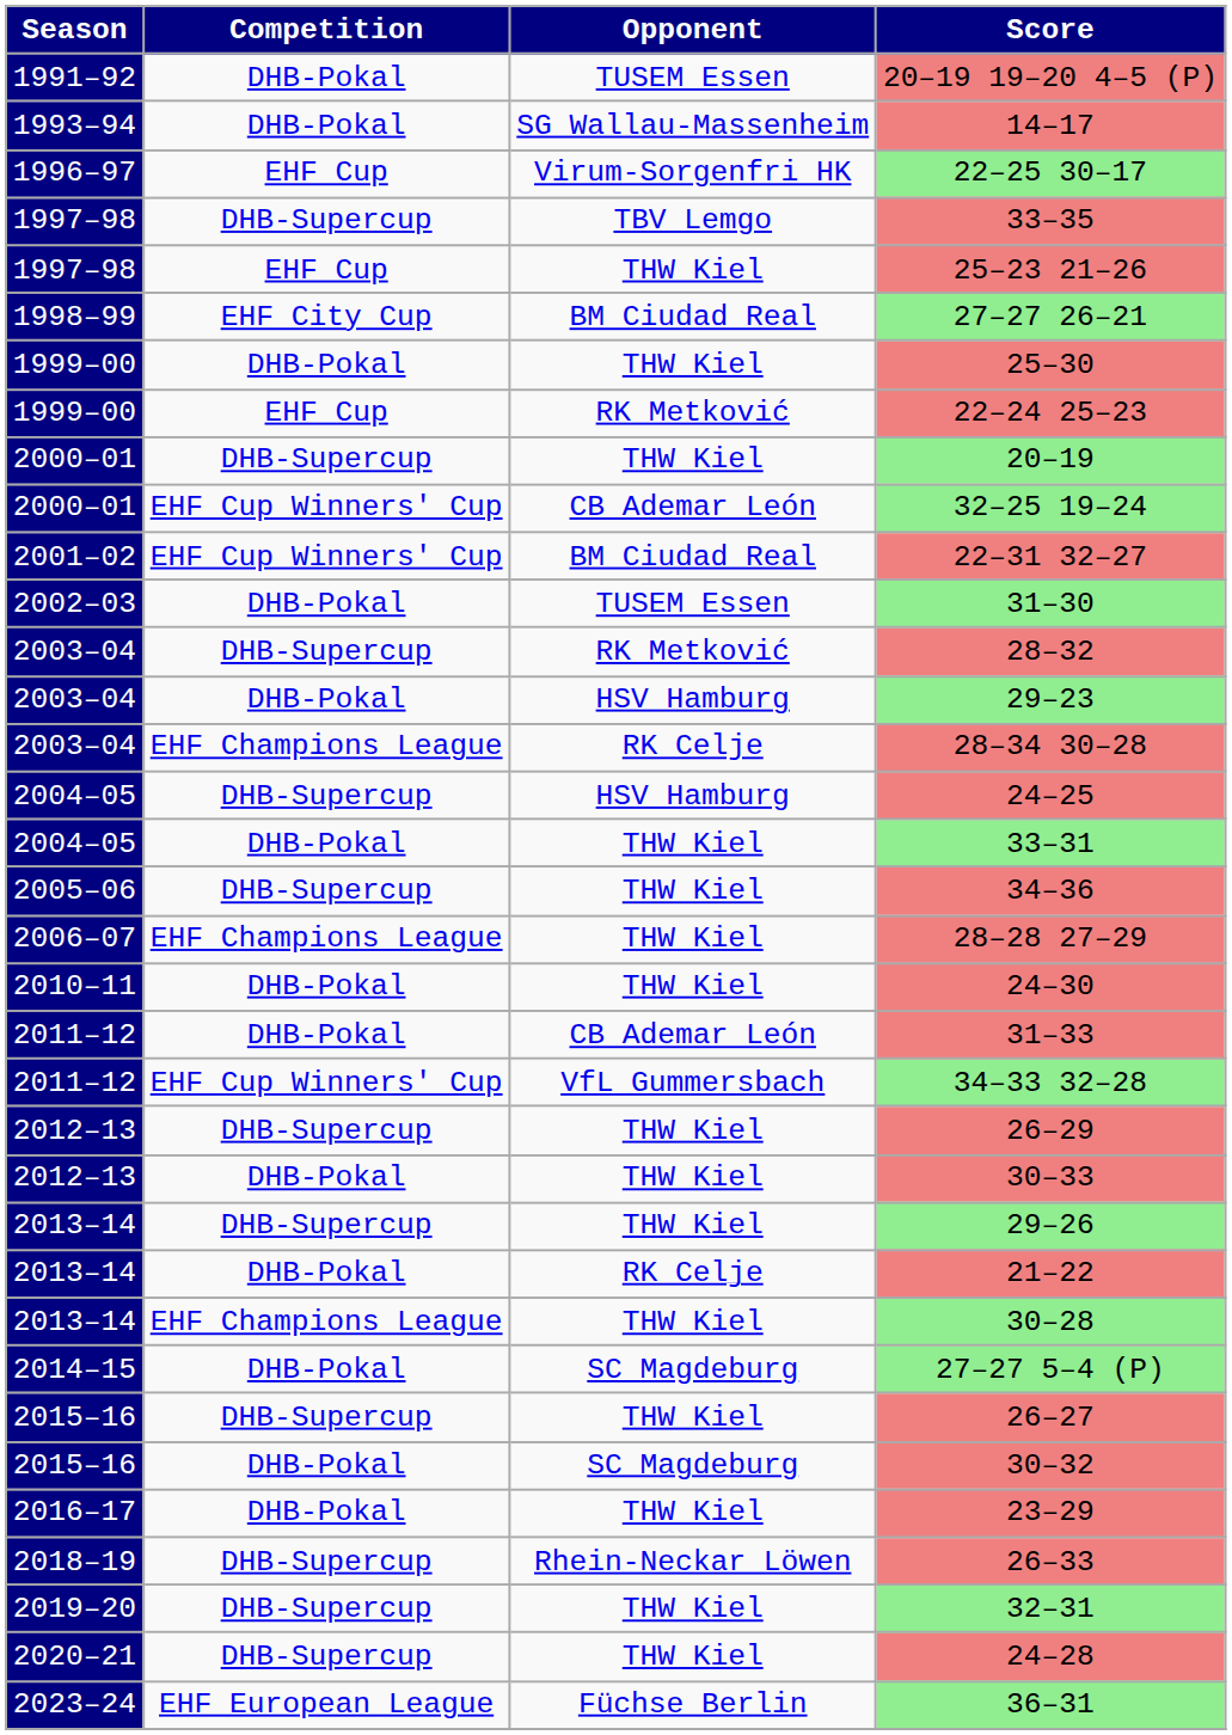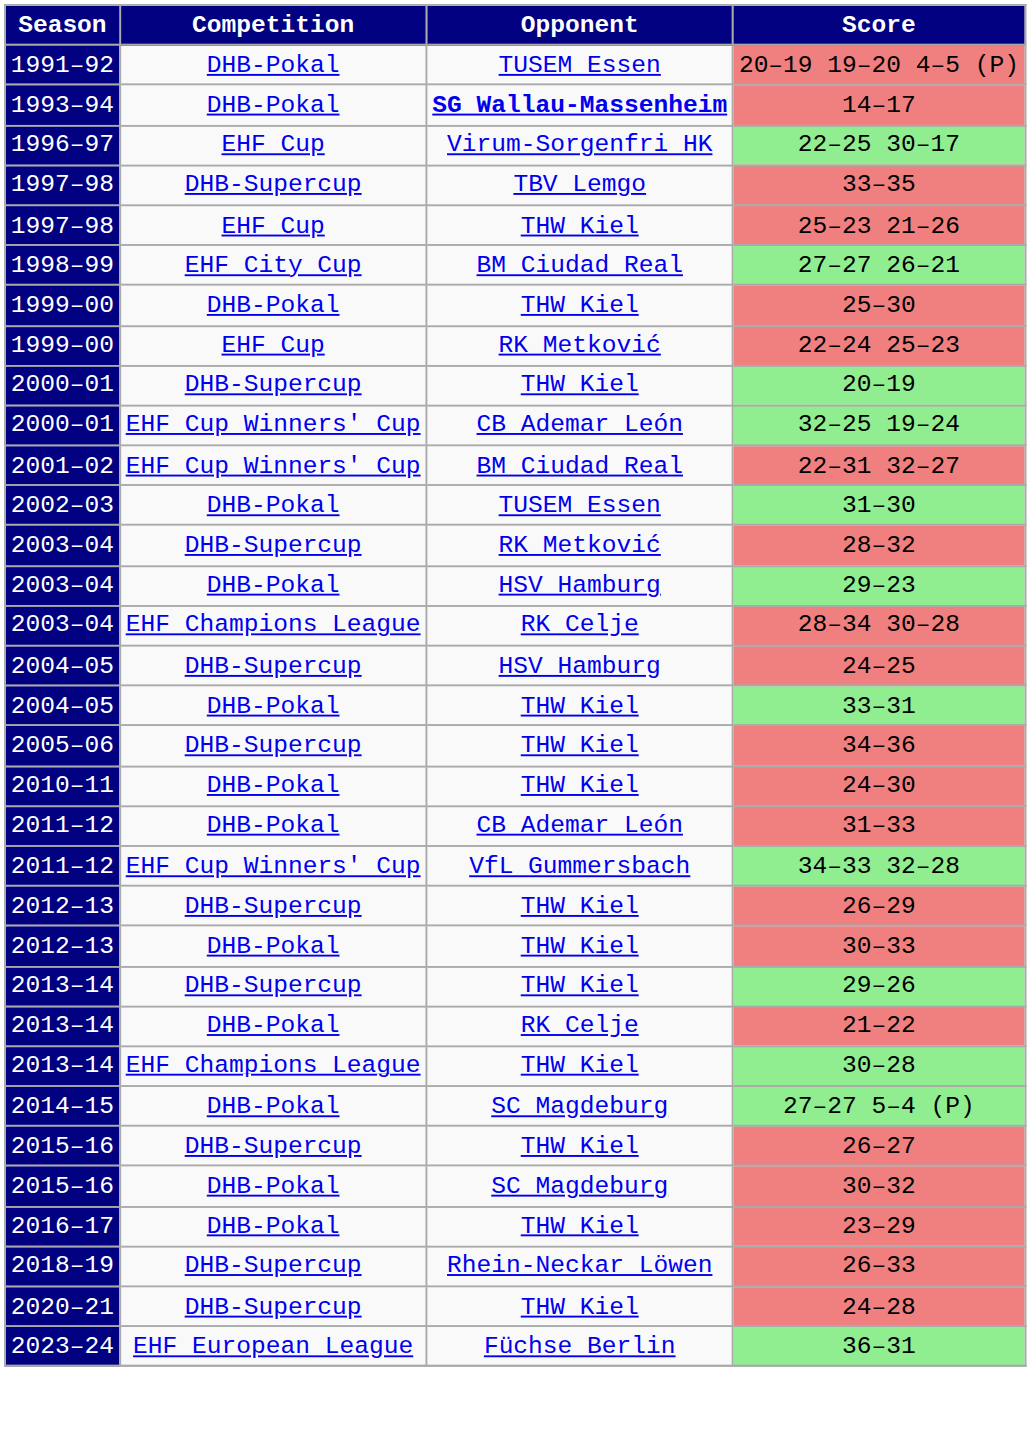 <table class="wikitable">
 <tr>
 <th style="color:#FFFFFF; background:#000080">Season</th>
 <th style="color:#FFFFFF; background:#000080">Competition</th>
 <th style="color:#FFFFFF; background:#000080">Opponent</th>
 <th style="color:#FFFFFF; background:#000080">Score</th>
 </tr>
 <tr>
 <td style="color:#FFFFFF; background:#000080">1991–92</td>
 <td align="center"><a href='#'>DHB-Pokal</a></td>
 <td align="center"> <a href='#'>TUSEM Essen</a></td>
 <td style="text-align:center; background:lightcoral;">20–19 19–20 4–5 (P)</td>
 </tr>
 <tr>
 <td style="color:#FFFFFF; background:#000080">1993–94</td>
 <td align="center"><a href='#'>DHB-Pokal</a></td>
-<td align="center"> <a href='#'>SG Wallau-Massenheim</a></td>
+<td align="center"><strong> <a href='#'>SG Wallau-Massenheim</a></strong></td>
 <td style="text-align:center; background:lightcoral;">14–17</td>
 </tr>
 <tr>
 <td style="color:#FFFFFF; background:#000080">1996–97</td>
 <td align="center"><a href='#'>EHF Cup</a></td>
 <td align="center"> <a href='#'>Virum-Sorgenfri HK</a></td>
 <td style="text-align:center; background:lightgreen;">22–25 30–17</td>
 </tr>
 <tr>
 <td style="color:#FFFFFF; background:#000080">1997–98</td>
 <td align="center"><a href='#'>DHB-Supercup</a></td>
 <td align="center"> <a href='#'>TBV Lemgo</a></td>
 <td style="text-align:center; background:lightcoral;">33–35</td>
 </tr>
 <tr>
 <td style="color:#FFFFFF; background:#000080">1997–98</td>
 <td align="center"><a href='#'>EHF Cup</a></td>
 <td align="center"> <a href='#'>THW Kiel</a></td>
 <td style="text-align:center; background:lightcoral;">25–23 21–26</td>
 </tr>
 <tr>
 <td style="color:#FFFFFF; background:#000080">1998–99</td>
 <td align="center"><a href='#'>EHF City Cup</a></td>
 <td align="center"> <a href='#'>BM Ciudad Real</a></td>
 <td style="text-align:center; background:lightgreen;">27–27 26–21</td>
 </tr>
 <tr>
 <td style="color:#FFFFFF; background:#000080">1999–00</td>
 <td align="center"><a href='#'>DHB-Pokal</a></td>
 <td align="center"> <a href='#'>THW Kiel</a></td>
 <td style="text-align:center; background:lightcoral;">25–30</td>
 </tr>
 <tr>
 <td style="color:#FFFFFF; background:#000080">1999–00</td>
 <td align="center"><a href='#'>EHF Cup</a></td>
 <td align="center"> <a href='#'>RK Metković</a></td>
 <td style="text-align:center; background:lightcoral;">22–24 25–23</td>
 </tr>
 <tr>
 <td style="color:#FFFFFF; background:#000080">2000–01</td>
 <td align="center"><a href='#'>DHB-Supercup</a></td>
 <td align="center"> <a href='#'>THW Kiel</a></td>
 <td style="text-align:center; background:lightgreen;">20–19</td>
 </tr>
 <tr>
 <td style="color:#FFFFFF; background:#000080">2000–01</td>
 <td align="center"><a href='#'>EHF Cup Winners' Cup</a></td>
 <td align="center"> <a href='#'>CB Ademar León</a></td>
 <td style="text-align:center; background:lightgreen;">32–25 19–24</td>
 </tr>
 <tr>
 <td style="color:#FFFFFF; background:#000080">2001–02</td>
 <td align="center"><a href='#'>EHF Cup Winners' Cup</a></td>
 <td align="center"> <a href='#'>BM Ciudad Real</a></td>
 <td style="text-align:center; background:lightcoral;">22–31 32–27</td>
 </tr>
 <tr>
 <td style="color:#FFFFFF; background:#000080">2002–03</td>
 <td align="center"><a href='#'>DHB-Pokal</a></td>
 <td align="center"> <a href='#'>TUSEM Essen</a></td>
 <td style="text-align:center; background:lightgreen;">31–30</td>
 </tr>
 <tr>
 <td style="color:#FFFFFF; background:#000080">2003–04</td>
 <td align="center"><a href='#'>DHB-Supercup</a></td>
 <td align="center"> <a href='#'>RK Metković</a></td>
 <td style="text-align:center; background:lightcoral;">28–32</td>
 </tr>
 <tr>
 <td style="color:#FFFFFF; background:#000080">2003–04</td>
 <td align="center"><a href='#'>DHB-Pokal</a></td>
 <td align="center"> <a href='#'>HSV Hamburg</a></td>
 <td style="text-align:center; background:lightgreen;">29–23</td>
 </tr>
 <tr>
 <td style="color:#FFFFFF; background:#000080">2003–04</td>
 <td align="center"><a href='#'>EHF Champions League</a></td>
 <td align="center"> <a href='#'>RK Celje</a></td>
 <td style="text-align:center; background:lightcoral;">28–34 30–28</td>
 </tr>
 <tr>
 <td style="color:#FFFFFF; background:#000080">2004–05</td>
 <td align="center"><a href='#'>DHB-Supercup</a></td>
 <td align="center"> <a href='#'>HSV Hamburg</a></td>
 <td style="text-align:center; background:lightcoral;">24–25</td>
 </tr>
 <tr>
 <td style="color:#FFFFFF; background:#000080">2004–05</td>
 <td align="center"><a href='#'>DHB-Pokal</a></td>
 <td align="center"> <a href='#'>THW Kiel</a></td>
 <td style="text-align:center; background:lightgreen;">33–31</td>
 </tr>
 <tr>
 <td style="color:#FFFFFF; background:#000080">2005–06</td>
 <td align="center"><a href='#'>DHB-Supercup</a></td>
 <td align="center"> <a href='#'>THW Kiel</a></td>
 <td style="text-align:center; background:lightcoral;">34–36</td>
 </tr>
 <tr>
-<td style="color:#FFFFFF; background:#000080">2006–07</td>
-<td align="center"><a href='#'>EHF Champions League</a></td>
-<td align="center"> <a href='#'>THW Kiel</a></td>
-<td style="text-align:center; background:lightcoral;">28–28 27–29</td>
-</tr>
-<tr>
 <td style="color:#FFFFFF; background:#000080">2010–11</td>
 <td align="center"><a href='#'>DHB-Pokal</a></td>
 <td align="center"> <a href='#'>THW Kiel</a></td>
 <td style="text-align:center; background:lightcoral;">24–30</td>
 </tr>
 <tr>
 <td style="color:#FFFFFF; background:#000080">2011–12</td>
 <td align="center"><a href='#'>DHB-Pokal</a></td>
 <td align="center"> <a href='#'>CB Ademar León</a></td>
 <td style="text-align:center; background:lightcoral;">31–33</td>
 </tr>
 <tr>
 <td style="color:#FFFFFF; background:#000080">2011–12</td>
 <td align="center"><a href='#'>EHF Cup Winners' Cup</a></td>
 <td align="center"> <a href='#'>VfL Gummersbach</a></td>
 <td style="text-align:center; background:lightgreen;">34–33 32–28</td>
 </tr>
 <tr>
 <td style="color:#FFFFFF; background:#000080">2012–13</td>
 <td align="center"><a href='#'>DHB-Supercup</a></td>
 <td align="center"> <a href='#'>THW Kiel</a></td>
 <td style="text-align:center; background:lightcoral;">26–29</td>
 </tr>
 <tr>
 <td style="color:#FFFFFF; background:#000080">2012–13</td>
 <td align="center"><a href='#'>DHB-Pokal</a></td>
 <td align="center"> <a href='#'>THW Kiel</a></td>
 <td style="text-align:center; background:lightcoral;">30–33</td>
 </tr>
 <tr>
 <td style="color:#FFFFFF; background:#000080">2013–14</td>
 <td align="center"><a href='#'>DHB-Supercup</a></td>
 <td align="center"> <a href='#'>THW Kiel</a></td>
 <td style="text-align:center; background:lightgreen;">29–26</td>
 </tr>
 <tr>
 <td style="color:#FFFFFF; background:#000080">2013–14</td>
 <td align="center"><a href='#'>DHB-Pokal</a></td>
 <td align="center"> <a href='#'>RK Celje</a></td>
 <td style="text-align:center; background:lightcoral;">21–22</td>
 </tr>
 <tr>
 <td style="color:#FFFFFF; background:#000080">2013–14</td>
 <td align="center"><a href='#'>EHF Champions League</a></td>
 <td align="center"> <a href='#'>THW Kiel</a></td>
 <td style="text-align:center; background:lightgreen;">30–28</td>
 </tr>
 <tr>
 <td style="color:#FFFFFF; background:#000080">2014–15</td>
 <td align="center"><a href='#'>DHB-Pokal</a></td>
 <td align="center"> <a href='#'>SC Magdeburg</a></td>
 <td style="text-align:center; background:lightgreen;">27–27 5–4 (P)</td>
 </tr>
 <tr>
 <td style="color:#FFFFFF; background:#000080">2015–16</td>
 <td align="center"><a href='#'>DHB-Supercup</a></td>
 <td align="center"> <a href='#'>THW Kiel</a></td>
 <td style="text-align:center; background:lightcoral;">26–27</td>
 </tr>
 <tr>
 <td style="color:#FFFFFF; background:#000080">2015–16</td>
 <td align="center"><a href='#'>DHB-Pokal</a></td>
 <td align="center"> <a href='#'>SC Magdeburg</a></td>
 <td style="text-align:center; background:lightcoral;">30–32</td>
 </tr>
 <tr>
 <td style="color:#FFFFFF; background:#000080">2016–17</td>
 <td align="center"><a href='#'>DHB-Pokal</a></td>
 <td align="center"> <a href='#'>THW Kiel</a></td>
 <td style="text-align:center; background:lightcoral;">23–29</td>
 </tr>
 <tr>
 <td style="color:#FFFFFF; background:#000080">2018–19</td>
 <td align="center"><a href='#'>DHB-Supercup</a></td>
 <td align="center"> <a href='#'>Rhein-Neckar Löwen</a></td>
 <td style="text-align:center; background:lightcoral;">26–33</td>
 </tr>
 <tr>
-<td style="color:#FFFFFF; background:#000080">2019–20</td>
-<td align="center"><a href='#'>DHB-Supercup</a></td>
-<td align="center"> <a href='#'>THW Kiel</a></td>
-<td style="text-align:center; background:lightgreen;">32–31</td>
-</tr>
-<tr>
 <td style="color:#FFFFFF; background:#000080">2020–21</td>
 <td align="center"><a href='#'>DHB-Supercup</a></td>
 <td align="center"> <a href='#'>THW Kiel</a></td>
 <td style="text-align:center; background:lightcoral;">24–28</td>
 </tr>
 <tr>
 <td style="color:#FFFFFF; background:#000080">2023–24</td>
 <td align="center"><a href='#'>EHF European League</a></td>
 <td align="center"> <a href='#'>Füchse Berlin</a></td>
 <td style="text-align:center; background:lightgreen;">36–31</td>
 </tr>
 <tr>
 </tr>
 </table>
